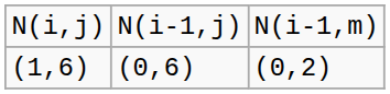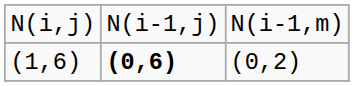 <table class="wikitable">
 <tr>
 <td>N(i,j)</td>
 <td>N(i-1,j)</td>
 <td>N(i-1,m)</td>
 </tr>
 <tr>
 <td>(1,6)</td>
-<td>(0,6)</td>
+<td><strong>(0,6)</strong></td>
 <td>(0,2)</td>
 </tr>
 </table>
